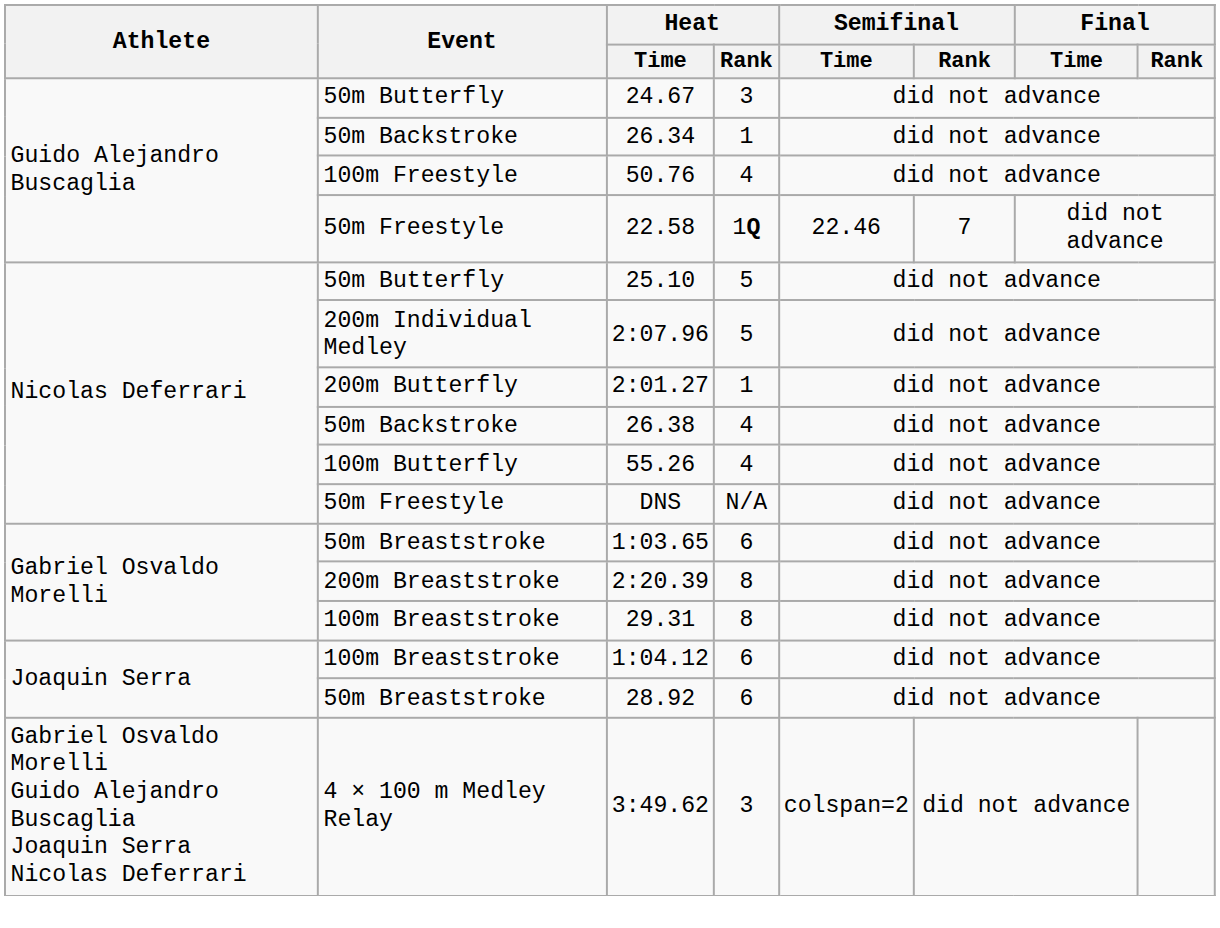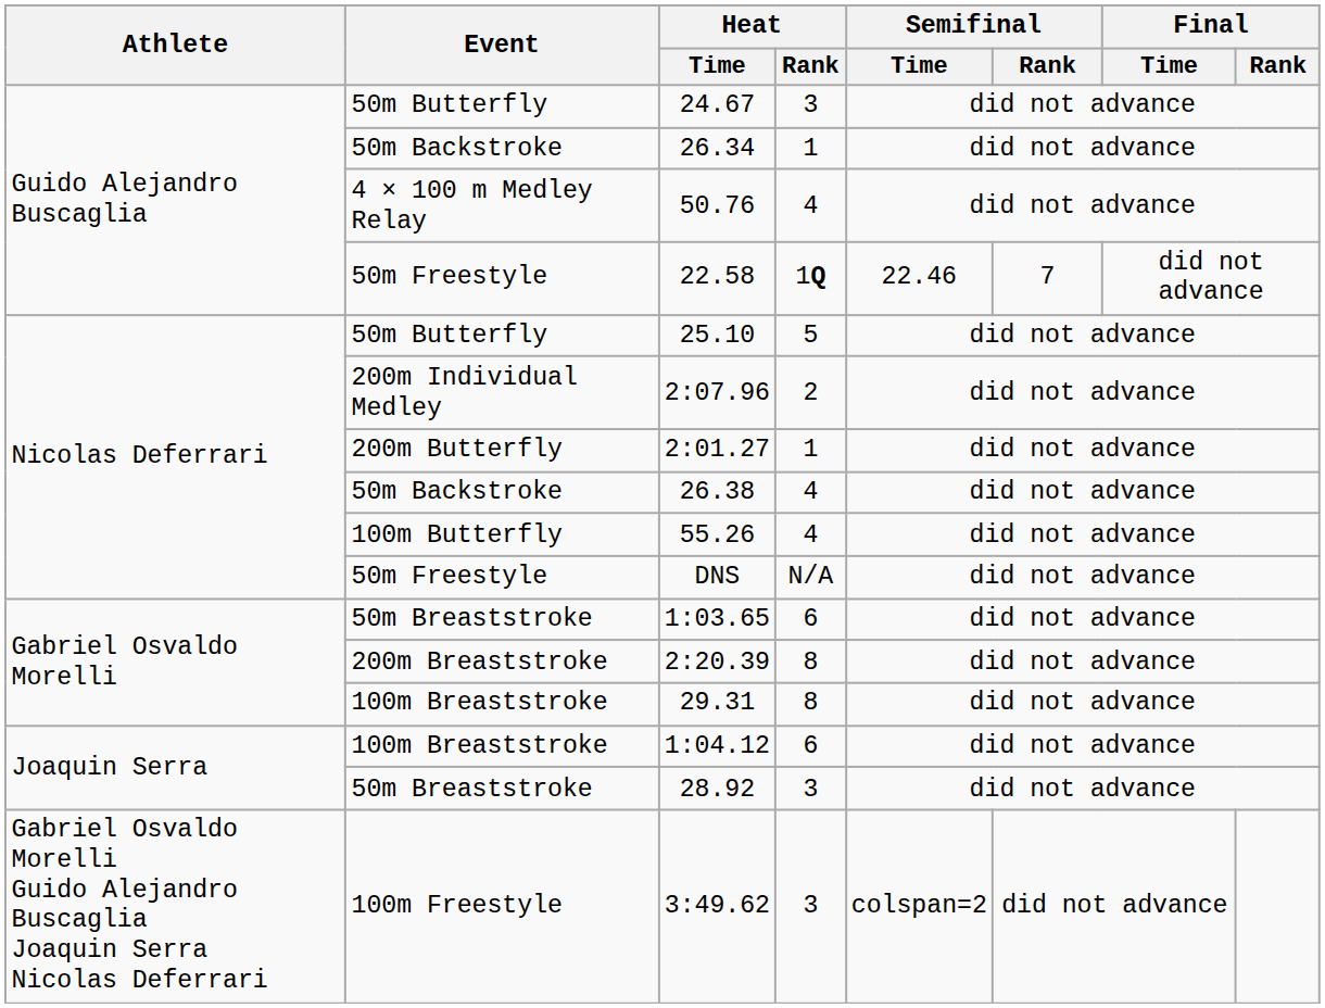 <table class=wikitable style="font-size:90%">
 <tr>
 <th rowspan="2">Athlete</th>
 <th rowspan="2">Event</th>
 <th colspan="2">Heat</th>
 <th colspan="2">Semifinal</th>
 <th colspan="2">Final</th>
 </tr>
 <tr style="font-size:95%">
 <th>Time</th>
 <th>Rank</th>
 <th>Time</th>
 <th>Rank</th>
 <th>Time</th>
 <th>Rank</th>
 </tr>
 <tr align=center>
 <td align=left rowspan=4>Guido Alejandro Buscaglia</td>
 <td align=left>50m Butterfly</td>
 <td>24.67</td>
 <td>3</td>
 <td colspan=4>did not advance</td>
 </tr>
 <tr align=center>
 <td align=left>50m Backstroke</td>
 <td>26.34</td>
 <td>1</td>
 <td colspan=4>did not advance</td>
 </tr>
 <tr align=center>
-<td align=left>100m Freestyle</td>
+<td align=left>4 × 100 m Medley Relay</td>
 <td>50.76</td>
 <td>4</td>
 <td colspan=4>did not advance</td>
 </tr>
 <tr align=center>
 <td align=left>50m Freestyle</td>
 <td>22.58</td>
 <td>1<strong>Q</strong></td>
 <td>22.46</td>
 <td>7</td>
 <td colspan=2>did not advance</td>
 </tr>
 <tr align=center>
 <td align=left rowspan=6>Nicolas Deferrari</td>
 <td align=left>50m Butterfly</td>
 <td>25.10</td>
 <td>5</td>
 <td colspan=4>did not advance</td>
 </tr>
 <tr align=center>
 <td align=left>200m Individual Medley</td>
 <td>2:07.96</td>
-<td>5</td>
+<td>2</td>
 <td colspan=4>did not advance</td>
 </tr>
 <tr align=center>
 <td align=left>200m Butterfly</td>
 <td>2:01.27</td>
 <td>1</td>
 <td colspan=4>did not advance</td>
 </tr>
 <tr align=center>
 <td align=left>50m Backstroke</td>
 <td>26.38</td>
 <td>4</td>
 <td colspan=4>did not advance</td>
 </tr>
 <tr align=center>
 <td align=left>100m Butterfly</td>
 <td>55.26</td>
 <td>4</td>
 <td colspan=4>did not advance</td>
 </tr>
 <tr align=center>
 <td align=left>50m Freestyle</td>
 <td>DNS</td>
 <td>N/A</td>
 <td colspan=4>did not advance</td>
 </tr>
 <tr align=center>
 <td align=left rowspan=3>Gabriel Osvaldo Morelli</td>
 <td align=left>50m Breaststroke</td>
 <td>1:03.65</td>
 <td>6</td>
 <td colspan=4>did not advance</td>
 </tr>
 <tr align=center>
 <td align=left>200m Breaststroke</td>
 <td>2:20.39</td>
 <td>8</td>
 <td colspan=4>did not advance</td>
 </tr>
 <tr align=center>
 <td align=left>100m Breaststroke</td>
 <td>29.31</td>
 <td>8</td>
 <td colspan=4>did not advance</td>
 </tr>
 <tr align=center>
 <td align=left rowspan=2>Joaquin Serra</td>
 <td align=left>100m Breaststroke</td>
 <td>1:04.12</td>
 <td>6</td>
 <td colspan=4>did not advance</td>
 </tr>
 <tr align=center>
 <td align=left>50m Breaststroke</td>
 <td>28.92</td>
-<td>6</td>
+<td>3</td>
 <td colspan=4>did not advance</td>
 </tr>
 <tr align=center>
 <td align=left>Gabriel Osvaldo Morelli<br>Guido Alejandro Buscaglia<br>Joaquin Serra<br>Nicolas Deferrari</td>
-<td align=left>4 × 100 m Medley Relay</td>
+<td align=left>100m Freestyle</td>
 <td>3:49.62</td>
 <td>3</td>
 <td>colspan=2 </td>
 <td colspan=2>did not advance</td>
 </tr>
 </table>
